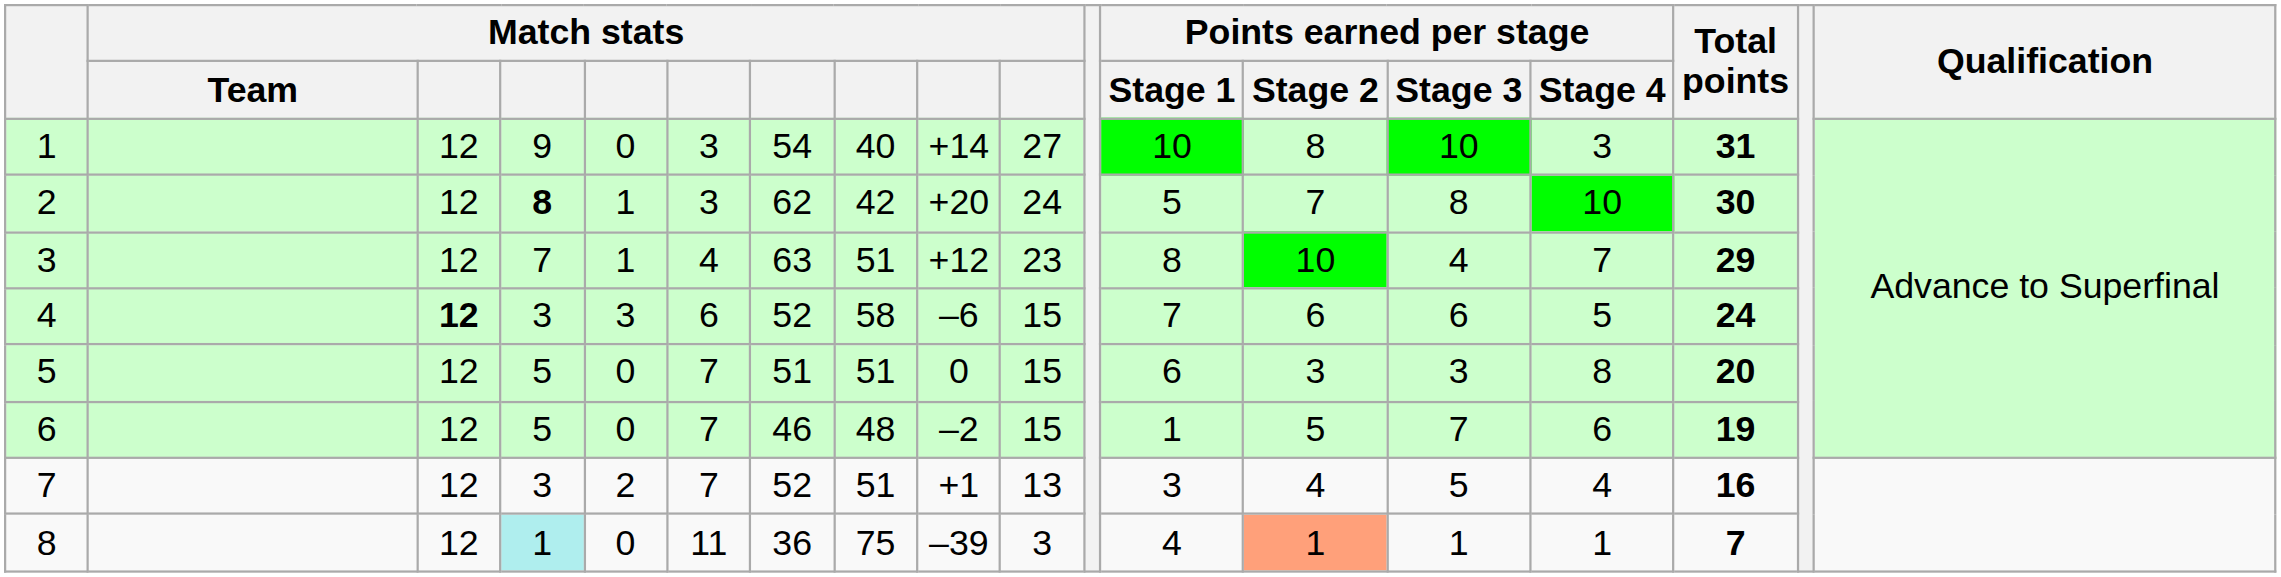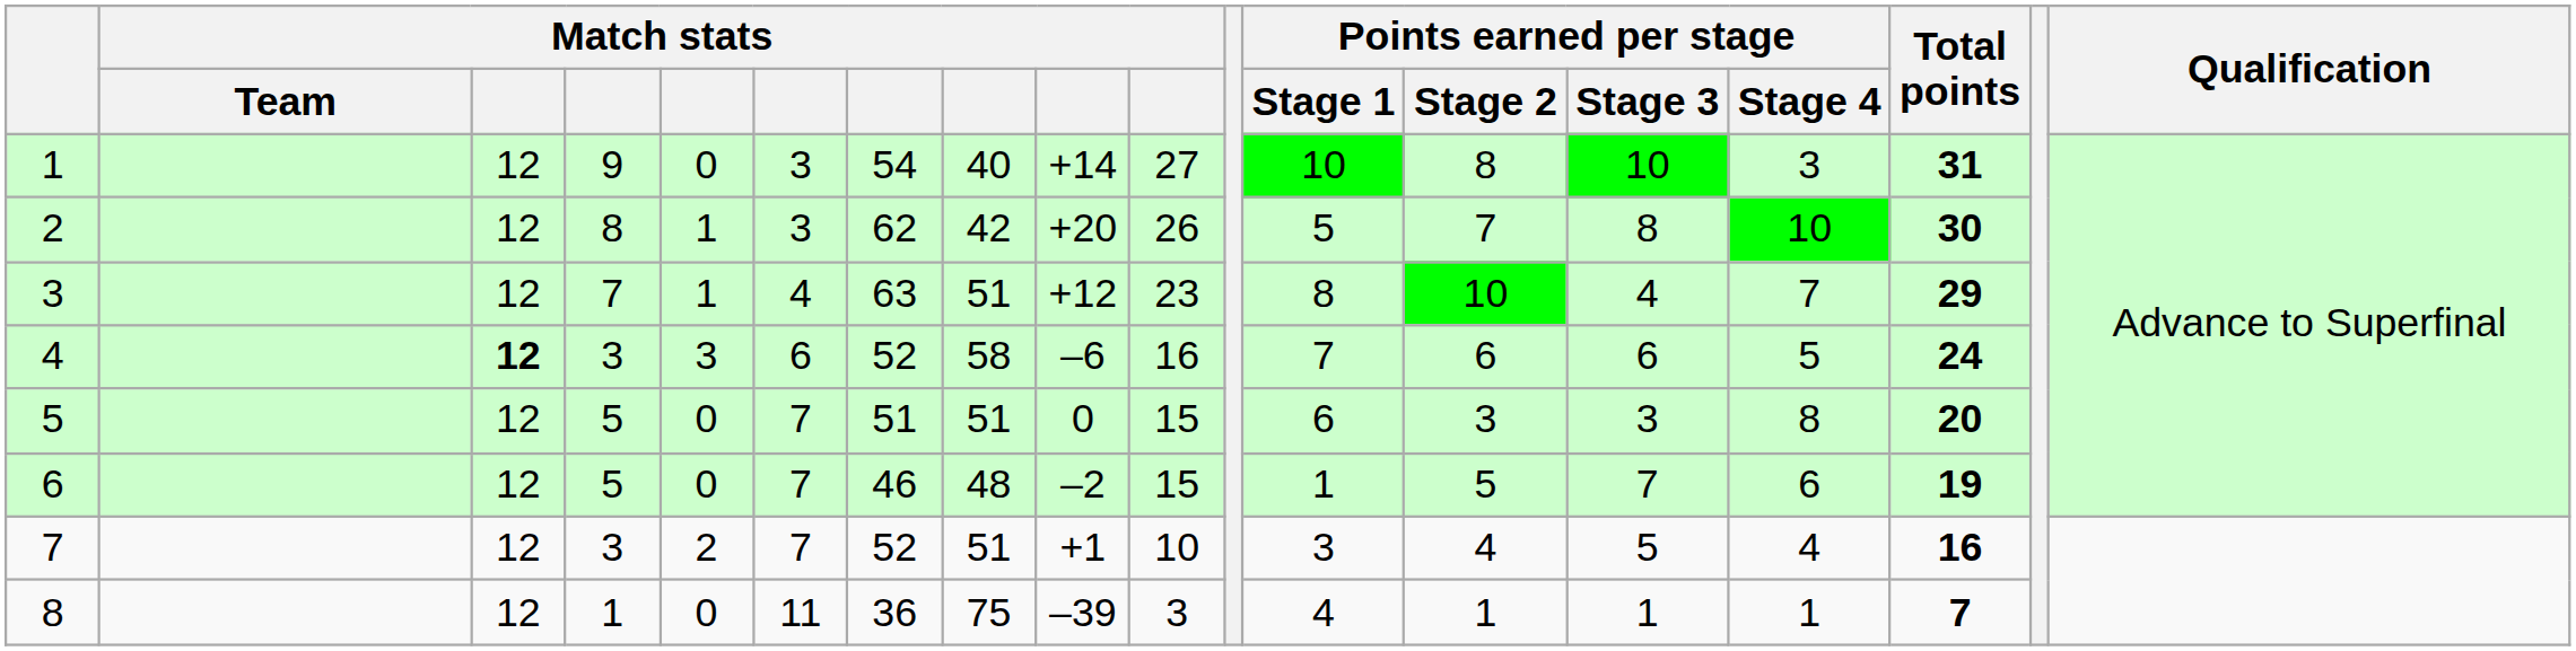 <table class="wikitable" style="text-align: center; font-size: 100%;">
 <tr>
 <th width="30" rowspan=2></th>
 <th colspan=9>Match stats</th>
 <th rowspan=10></th>
 <th colspan=4>Points earned per stage</th>
 <th rowspan=2>Total<br>points</th>
 <th rowspan=10></th>
 <th rowspan=2 width=200>Qualification</th>
 </tr>
 <tr>
 <th width="140">Team</th>
 <th width="30"></th>
 <th width="30"></th>
 <th width="30"></th>
 <th width="30"></th>
 <th width="30"></th>
 <th width="30"></th>
 <th width="30"></th>
 <th width="30"></th>
 <th>Stage 1</th>
 <th>Stage 2</th>
 <th>Stage 3</th>
 <th>Stage 4</th>
 </tr>
 <tr style="background-color: #ccffcc;">
 <td>1</td>
 <td align=left></td>
 <td>12</td>
 <td>9</td>
 <td>0</td>
 <td>3</td>
 <td>54</td>
 <td>40</td>
 <td>+14</td>
 <td>27</td>
 <td style="background:#00ff00;">10</td>
 <td>8</td>
 <td style="background:#00ff00;">10</td>
 <td>3</td>
 <td><strong>31</strong></td>
 <td rowspan=6>Advance to Superfinal</td>
 </tr>
 <tr style="background-color: #ccffcc;">
 <td>2</td>
 <td align=left></td>
 <td>12</td>
-<td><strong>8</strong></td>
+<td>8</td>
 <td>1</td>
 <td>3</td>
 <td>62</td>
 <td>42</td>
 <td>+20</td>
-<td>24</td>
+<td>26</td>
 <td>5</td>
 <td>7</td>
 <td>8</td>
 <td style="background:#00ff00;">10</td>
 <td><strong>30</strong></td>
 </tr>
 <tr style="background-color: #ccffcc;">
 <td>3</td>
 <td align=left></td>
 <td>12</td>
 <td>7</td>
 <td>1</td>
 <td>4</td>
 <td>63</td>
 <td>51</td>
 <td>+12</td>
 <td>23</td>
 <td>8</td>
 <td style="background:#00ff00;">10</td>
 <td>4</td>
 <td>7</td>
 <td><strong>29</strong></td>
 </tr>
 <tr style="background-color: #ccffcc;">
 <td>4</td>
 <td align=left></td>
 <td><strong>12</strong></td>
 <td>3</td>
 <td>3</td>
 <td>6</td>
 <td>52</td>
 <td>58</td>
 <td>–6</td>
-<td>15</td>
+<td>16</td>
 <td>7</td>
 <td>6</td>
 <td>6</td>
 <td>5</td>
 <td><strong>24</strong></td>
 </tr>
 <tr style="background-color: #ccffcc;">
 <td>5</td>
 <td align=left></td>
 <td>12</td>
 <td>5</td>
 <td>0</td>
 <td>7</td>
 <td>51</td>
 <td>51</td>
 <td>0</td>
 <td>15</td>
 <td>6</td>
 <td>3</td>
 <td>3</td>
 <td>8</td>
 <td><strong>20</strong></td>
 </tr>
 <tr style="background-color: #ccffcc;">
 <td>6</td>
 <td align=left></td>
 <td>12</td>
 <td>5</td>
 <td>0</td>
 <td>7</td>
 <td>46</td>
 <td>48</td>
 <td>–2</td>
 <td>15</td>
 <td>1</td>
 <td>5</td>
 <td>7</td>
 <td>6</td>
 <td><strong>19</strong></td>
 </tr>
 <tr>
 <td>7</td>
 <td align=left></td>
 <td>12</td>
 <td>3</td>
 <td>2</td>
 <td>7</td>
 <td>52</td>
 <td>51</td>
 <td>+1</td>
-<td>13</td>
+<td>10</td>
 <td>3</td>
 <td>4</td>
 <td>5</td>
 <td>4</td>
 <td><strong>16</strong></td>
 <td rowspan=2></td>
 </tr>
 <tr>
 <td>8</td>
 <td align=left></td>
 <td>12</td>
-<td style="background: paleturquoise;">1</td>
+<td>1</td>
 <td>0</td>
 <td>11</td>
 <td>36</td>
 <td>75</td>
 <td>–39</td>
 <td>3</td>
 <td>4</td>
-<td style="background: lightsalmon;">1</td>
+<td>1</td>
 <td>1</td>
 <td>1</td>
 <td><strong>7</strong></td>
 </tr>
 </table>
